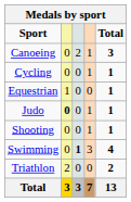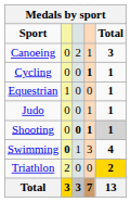 <table class="wikitable" style="font-size:85%; text-align:center;">
 <tr style="background:#efefef;">
 <th colspan=5><strong>Medals by sport</strong></th>
 </tr>
 <tr>
 <td><strong>Sport</strong></td>
 <td style="background:#f7f6a8;"></td>
 <td style="background:#dce5e5;"></td>
 <td style="background:#ffdab9;"></td>
 <td><strong>Total</strong></td>
 </tr>
 <tr>
 <td><a href='#'>Canoeing</a></td>
 <td style="background:#F7F6A8;">0</td>
 <td style="background:#DCE5E5;">2</td>
 <td style="background:#FFDAB9;">1</td>
 <td><strong>3</strong></td>
 </tr>
 <tr>
 <td><a href='#'>Cycling</a></td>
 <td style="background:#F7F6A8;">0</td>
 <td style="background:#DCE5E5;">0</td>
-<td style="background:#FFDAB9;">1</td>
+<td style="background:#FFDAB9;"><strong>1</strong></td>
 <td><strong>1</strong></td>
 </tr>
 <tr>
 <td><a href='#'>Equestrian</a></td>
 <td style="background:#F7F6A8;">1</td>
 <td style="background:#DCE5E5;">0</td>
 <td style="background:#FFDAB9;">0</td>
 <td><strong>1</strong></td>
 </tr>
 <tr>
 <td><a href='#'>Judo</a></td>
-<td style="background:#F7F6A8;"><strong>0</strong></td>
+<td style="background:#F7F6A8;">0</td>
 <td style="background:#DCE5E5;">0</td>
 <td style="background:#FFDAB9;">1</td>
 <td><strong>1</strong></td>
 </tr>
 <tr>
 <td><a href='#'>Shooting</a></td>
 <td style="background:#F7F6A8;">0</td>
-<td style="background:#DCE5E5;">0</td>
-<td style="background:#FFDAB9;">1</td>
-<td><strong>1</strong></td>
+<td style="background:#DCE5E5;"><strong>0</strong></td>
+<td style="background:#FFDAB9;"><strong>1</strong></td>
+<td style="background: lightgrey;"><strong>1</strong></td>
 </tr>
 <tr>
 <td><a href='#'>Swimming</a></td>
-<td style="background:#F7F6A8;">0</td>
-<td style="background:#DCE5E5;"><strong>1</strong></td>
+<td style="background:#F7F6A8;"><strong>0</strong></td>
+<td style="background:#DCE5E5;">1</td>
 <td style="background:#FFDAB9;">3</td>
 <td><strong>4</strong></td>
 </tr>
 <tr>
 <td><a href='#'>Triathlon</a></td>
 <td style="background:#F7F6A8;">2</td>
 <td style="background:#DCE5E5;">0</td>
 <td style="background:#FFDAB9;">0</td>
-<td><strong>2</strong></td>
+<td style="background: gold;"><strong>2</strong></td>
 </tr>
 <tr>
 <th>Total</th>
 <th style="background:gold;">3</th>
 <th style="background:silver;">3</th>
 <th style="background:#c96;">7</th>
 <th>13</th>
 </tr>
 </table>
